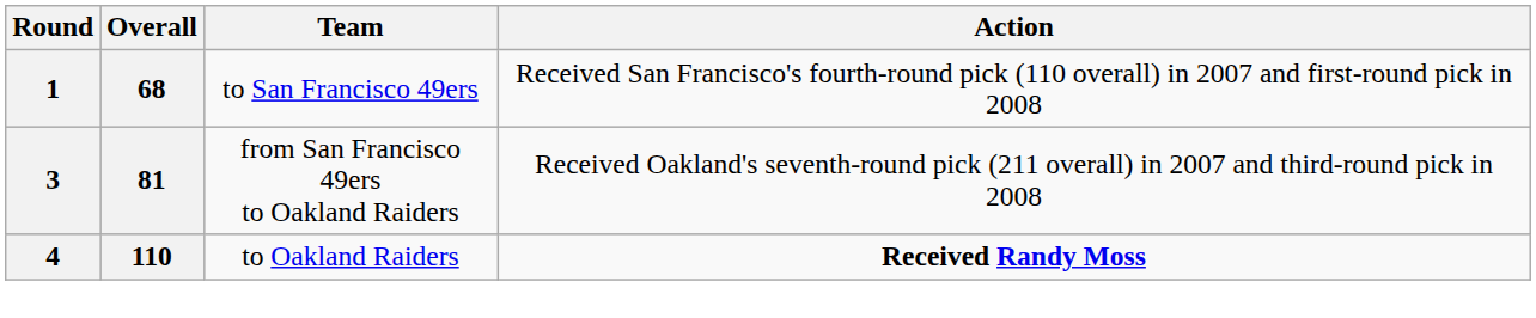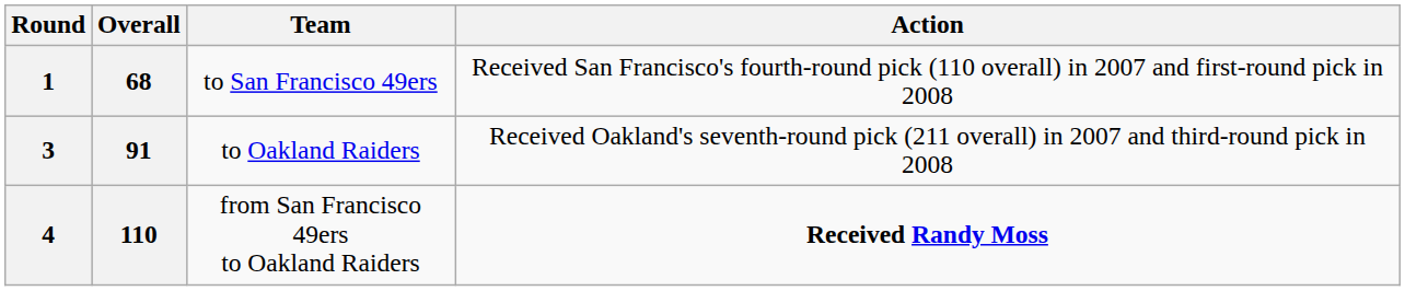 <table class="wikitable" style="text-align:center">
 <tr>
 <th>Round</th>
 <th>Overall</th>
 <th>Team</th>
 <th>Action</th>
 </tr>
 <tr>
 <th>1</th>
 <th>68</th>
 <td>to <a href='#'>San Francisco 49ers</a></td>
 <td>Received San Francisco's fourth-round pick (110 overall) in 2007 and first-round pick in 2008</td>
 </tr>
 <tr>
 <th>3</th>
-<th>81</th>
-<td>from San Francisco 49ers<br>to Oakland Raiders</td>
+<th>91</th>
+<td>to <a href='#'>Oakland Raiders</a></td>
 <td>Received Oakland's seventh-round pick (211 overall) in 2007 and third-round pick in 2008</td>
 </tr>
 <tr>
 <th>4</th>
 <th>110</th>
-<td>to <a href='#'>Oakland Raiders</a></td>
+<td>from San Francisco 49ers<br>to Oakland Raiders</td>
 <td><strong>Received <a href='#'>Randy Moss</a></strong></td>
 </tr>
 </table>
